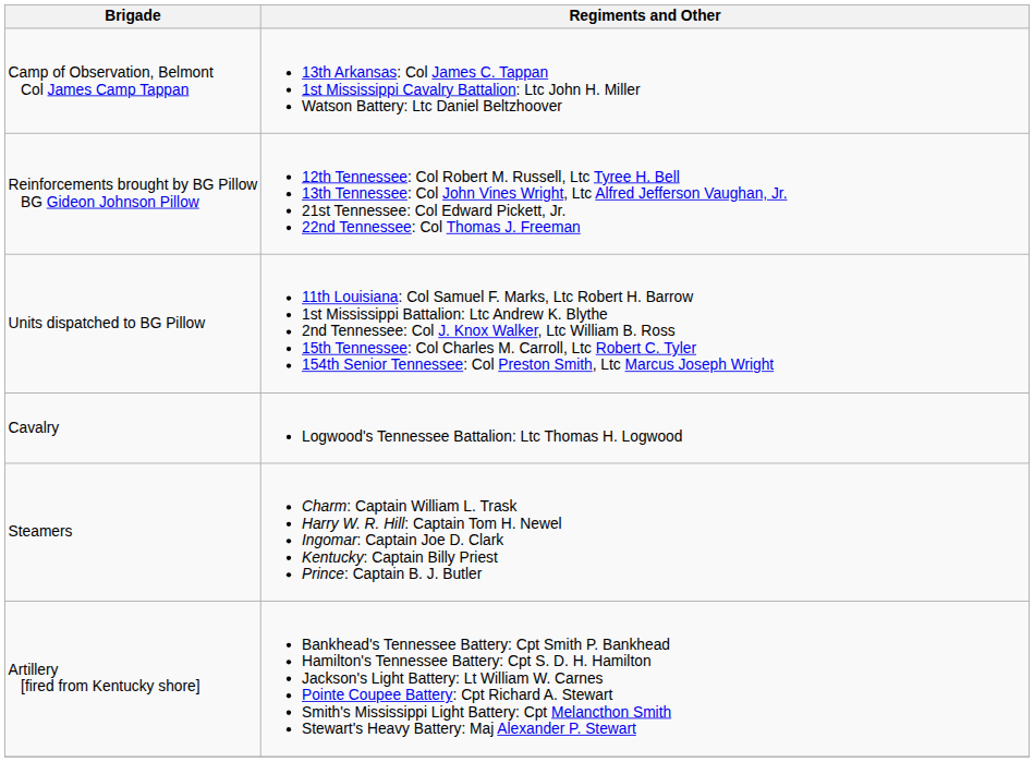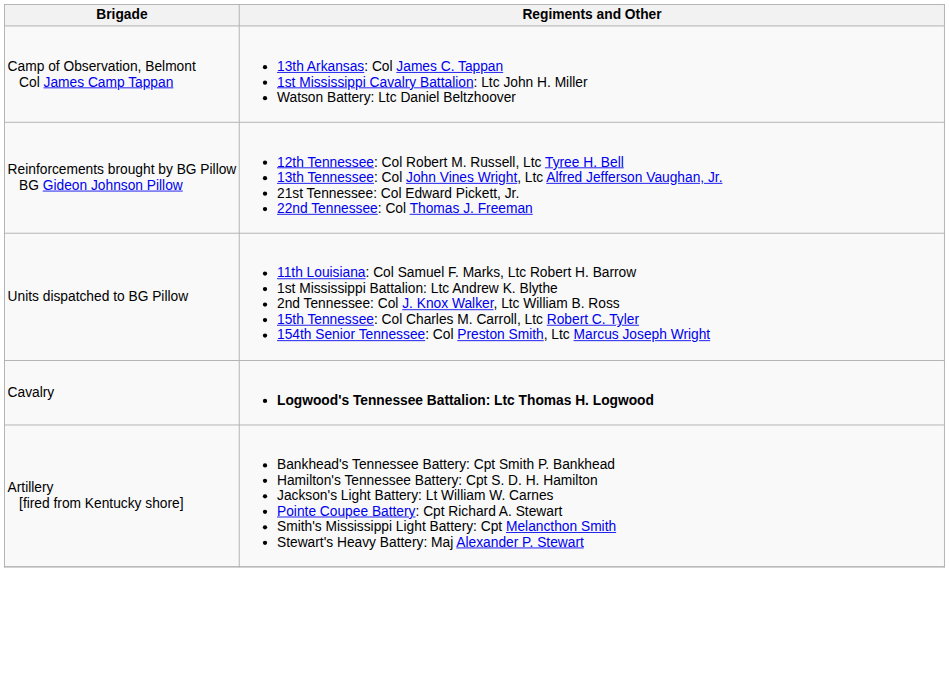 <table class="wikitable">
 <tr>
 <th width=25%>Brigade</th>
 <th>Regiments and Other</th>
 </tr>
 <tr>
 <td>Camp of Observation, Belmont<br>   Col <a href='#'>James Camp Tappan</a></td>
 <td><br><ul><li><a href='#'>13th Arkansas</a>: Col <a href='#'>James C. Tappan</a></li><li><a href='#'>1st Mississippi Cavalry Battalion</a>: Ltc John H. Miller</li><li>Watson Battery: Ltc Daniel Beltzhoover</li></ul></td>
 </tr>
 <tr>
 <td>Reinforcements brought by BG Pillow<br>   BG <a href='#'>Gideon Johnson Pillow</a></td>
 <td><br><ul><li><a href='#'>12th Tennessee</a>: Col Robert M. Russell, Ltc <a href='#'>Tyree H. Bell</a></li><li><a href='#'>13th Tennessee</a>: Col <a href='#'>John Vines Wright</a>, Ltc <a href='#'>Alfred Jefferson Vaughan, Jr.</a></li><li>21st Tennessee: Col Edward Pickett, Jr.</li><li><a href='#'>22nd Tennessee</a>: Col <a href='#'>Thomas J. Freeman</a></li></ul></td>
 </tr>
 <tr>
 <td>Units dispatched to BG Pillow</td>
 <td><br><ul><li><a href='#'>11th Louisiana</a>: Col Samuel F. Marks, Ltc Robert H. Barrow</li><li>1st Mississippi Battalion: Ltc Andrew K. Blythe</li><li>2nd Tennessee: Col <a href='#'>J. Knox Walker</a>, Ltc William B. Ross</li><li><a href='#'>15th Tennessee</a>: Col Charles M. Carroll, Ltc <a href='#'>Robert C. Tyler</a></li><li><a href='#'>154th Senior Tennessee</a>: Col <a href='#'>Preston Smith</a>, Ltc <a href='#'>Marcus Joseph Wright</a></li></ul></td>
 </tr>
 <tr>
 <td>Cavalry</td>
-<td><br><ul><li>Logwood's Tennessee Battalion: Ltc Thomas H. Logwood</li></ul></td>
-</tr>
-<tr>
-<td>Steamers</td>
-<td><br><ul><li><em>Charm</em>: Captain William L. Trask</li><li><em>Harry W. R. Hill</em>: Captain Tom H. Newel</li><li><em>Ingomar</em>: Captain Joe D. Clark</li><li><em>Kentucky</em>: Captain Billy Priest</li><li><em>Prince</em>: Captain B. J. Butler</li></ul></td>
+<td><strong><br><ul><li>Logwood's Tennessee Battalion: Ltc Thomas H. Logwood</li></ul></strong></td>
 </tr>
 <tr>
 <td>Artillery<br>    [fired from Kentucky shore]</td>
 <td><br><ul><li>Bankhead's Tennessee Battery: Cpt Smith P. Bankhead</li><li>Hamilton's Tennessee Battery: Cpt S. D. H. Hamilton</li><li>Jackson's Light Battery: Lt William W. Carnes</li><li><a href='#'>Pointe Coupee Battery</a>: Cpt Richard A. Stewart</li><li>Smith's Mississippi Light Battery: Cpt <a href='#'>Melancthon Smith</a></li><li>Stewart's Heavy Battery: Maj <a href='#'>Alexander P. Stewart</a></li></ul></td>
 </tr>
 <tr>
 </tr>
 </table>
